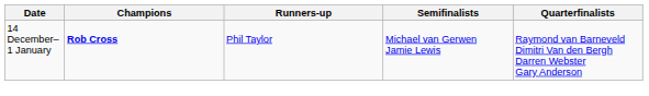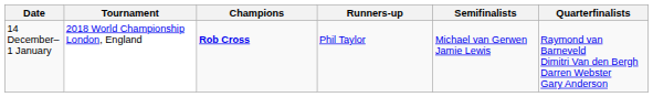 <table class=wikitable style=font-size:85%>
 <tr>
 <th width=75>Date</th>
+<th width=230>Tournament</th>
 <th width=210>Champions</th>
 <th width=210>Runners-up</th>
 <th width=170>Semifinalists</th>
 <th width=170>Quarterfinalists</th>
 </tr>
 <tr valign="top">
 <td>14 December–1 January</td>
+<td bgcolor="#ffffff"><a href='#'>2018 World Championship</a><br><a href='#'>London</a>, England</td>
 <td><br> <strong><a href='#'>Rob Cross</a></strong></td>
 <td><br> <a href='#'>Phil Taylor</a></td>
 <td><br> <a href='#'>Michael van Gerwen</a> <br>  <a href='#'>Jamie Lewis</a></td>
 <td><br> <a href='#'>Raymond van Barneveld</a> <br>  <a href='#'>Dimitri Van den Bergh</a> <br>  <a href='#'>Darren Webster</a> <br>  <a href='#'>Gary Anderson</a></td>
 </tr>
 </table>
